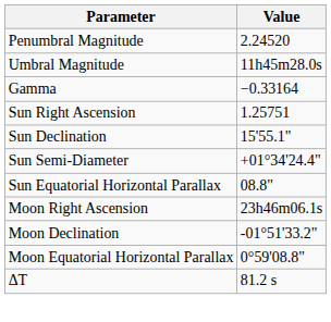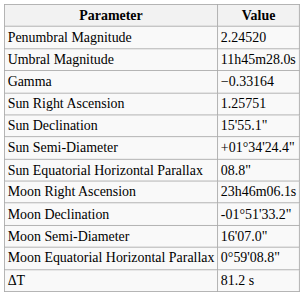 <table class="wikitable">
 <tr>
 <th>Parameter</th>
 <th>Value</th>
 </tr>
 <tr>
 <td>Penumbral Magnitude</td>
 <td>2.24520</td>
 </tr>
 <tr>
 <td>Umbral Magnitude</td>
 <td>11h45m28.0s</td>
 </tr>
 <tr>
 <td>Gamma</td>
 <td>−0.33164</td>
 </tr>
 <tr>
 <td>Sun Right Ascension</td>
 <td>1.25751</td>
 </tr>
 <tr>
 <td>Sun Declination</td>
 <td>15'55.1"</td>
 </tr>
 <tr>
 <td>Sun Semi-Diameter</td>
 <td>+01°34'24.4"</td>
 </tr>
 <tr>
 <td>Sun Equatorial Horizontal Parallax</td>
 <td>08.8"</td>
 </tr>
 <tr>
 <td>Moon Right Ascension</td>
 <td>23h46m06.1s</td>
 </tr>
 <tr>
 <td>Moon Declination</td>
 <td>-01°51'33.2"</td>
 </tr>
 <tr>
+<td>Moon Semi-Diameter</td>
+<td>16'07.0"</td>
+</tr>
+<tr>
 <td>Moon Equatorial Horizontal Parallax</td>
 <td>0°59'08.8"</td>
 </tr>
 <tr>
 <td>ΔT</td>
 <td>81.2 s</td>
 </tr>
 </table>
